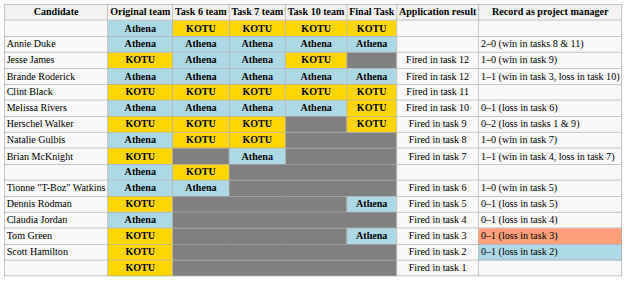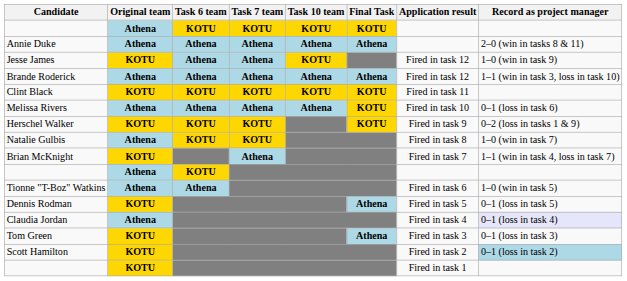 <table class="wikitable">
 <tr>
 <th bgcolor="gray"><span>Candidate</span></th>
 <th bgcolor="gray"><span>Original team</span></th>
 <th bgcolor="gray"><span>Task 6 team</span></th>
 <th bgcolor="gray"><span>Task 7 team</span></th>
 <th bgcolor="gray"><span>Task 10 team</span></th>
 <th bgcolor="gray"><span>Final Task </span></th>
 <th bgcolor="gray"><span>Application result</span></th>
 <th bgcolor="gray"><span>Record as project manager</span></th>
 </tr>
 <tr>
 <td></td>
 <td style="text-align:center; background:lightblue;"><strong>Athena</strong></td>
 <td style="text-align:center; background:gold;"><strong>KOTU</strong></td>
 <td style="text-align:center; background:gold;"><strong>KOTU</strong></td>
 <td style="text-align:center; background:gold;"><strong>KOTU</strong></td>
 <td style="text-align:center; background:gold;"><strong>KOTU</strong></td>
 <td align="center"></td>
 <td></td>
 </tr>
 <tr>
 <td>Annie Duke</td>
 <td style="text-align:center; background:lightblue;"><strong>Athena</strong></td>
 <td style="text-align:center; background:lightblue;"><strong>Athena</strong></td>
 <td style="text-align:center; background:lightblue;"><strong>Athena</strong></td>
 <td style="text-align:center; background:lightblue;"><strong>Athena</strong></td>
 <td style="text-align:center; background:lightblue;"><strong>Athena</strong></td>
 <td align="center"></td>
 <td>2–0 (win in tasks 8 & 11)</td>
 </tr>
 <tr>
 <td>Jesse James</td>
 <td style="text-align:center; background:gold;"><strong>KOTU</strong></td>
 <td style="text-align:center; background:lightblue;"><strong>Athena</strong></td>
 <td style="text-align:center; background:lightblue;"><strong>Athena</strong></td>
 <td style="text-align:center; background:gold;"><strong>KOTU</strong></td>
 <td colspan="1" style="background:gray;"></td>
 <td align="center">Fired in task 12</td>
 <td>1–0 (win in task 9)</td>
 </tr>
 <tr>
 <td>Brande Roderick</td>
 <td style="text-align:center; background:lightblue;"><strong>Athena</strong></td>
 <td style="text-align:center; background:lightblue;"><strong>Athena</strong></td>
 <td style="text-align:center; background:lightblue;"><strong>Athena</strong></td>
 <td style="text-align:center; background:lightblue;"><strong>Athena</strong></td>
 <td style="text-align:center; background:lightblue;"><strong>Athena</strong></td>
 <td align="center">Fired in task 12</td>
 <td>1–1 (win in task 3, loss in task 10)</td>
 </tr>
 <tr>
 <td>Clint Black</td>
 <td style="text-align:center; background:gold;"><strong>KOTU</strong></td>
 <td style="text-align:center; background:gold;"><strong>KOTU</strong></td>
 <td style="text-align:center; background:gold;"><strong>KOTU</strong></td>
 <td style="text-align:center; background:gold;"><strong>KOTU</strong></td>
 <td style="text-align:center; background:gold;"><strong>KOTU</strong></td>
 <td align="center">Fired in task 11</td>
 <td></td>
 </tr>
 <tr>
 <td>Melissa Rivers</td>
 <td style="text-align:center; background:lightblue;"><strong>Athena</strong></td>
 <td style="text-align:center; background:lightblue;"><strong>Athena</strong></td>
 <td style="text-align:center; background:lightblue;"><strong>Athena</strong></td>
 <td style="text-align:center; background:lightblue;"><strong>Athena</strong></td>
 <td style="text-align:center; background:gold;"><strong>KOTU</strong></td>
 <td align="center">Fired in task 10</td>
 <td>0–1 (loss in task 6)</td>
 </tr>
 <tr>
 <td>Herschel Walker</td>
 <td style="text-align:center; background:gold;"><strong>KOTU</strong></td>
 <td style="text-align:center; background:gold;"><strong>KOTU</strong></td>
 <td style="text-align:center; background:gold;"><strong>KOTU</strong></td>
 <td colspan="1" style="background:gray;"></td>
 <td style="text-align:center; background:gold;"><strong>KOTU</strong></td>
 <td align="center">Fired in task 9</td>
 <td>0–2 (loss in tasks 1 & 9)</td>
 </tr>
 <tr>
 <td>Natalie Gulbis</td>
 <td style="text-align:center; background:lightblue;"><strong>Athena</strong></td>
 <td style="text-align:center; background:gold;"><strong>KOTU</strong></td>
 <td style="text-align:center; background:gold;"><strong>KOTU</strong></td>
 <td colspan="2" style="background:gray;"></td>
 <td align="center">Fired in task 8</td>
 <td>1–0 (win in task 7)</td>
 </tr>
 <tr>
 <td>Brian McKnight</td>
 <td style="text-align:center; background:gold;"><strong>KOTU</strong></td>
 <td colspan="1" style="background:gray;"></td>
 <td style="text-align:center; background:lightblue;"><strong>Athena</strong></td>
 <td colspan="2" style="background:gray;"></td>
 <td align="center">Fired in task 7</td>
 <td>1–1 (win in task 4, loss in task 7)</td>
 </tr>
 <tr>
 <td></td>
 <td style="text-align:center; background:lightblue;"><strong>Athena</strong></td>
 <td style="text-align:center; background:gold;"><strong>KOTU</strong></td>
 <td colspan="3" style="background:gray;"></td>
 <td align="center"></td>
 <td></td>
 </tr>
 <tr>
 <td>Tionne "T-Boz" Watkins</td>
 <td style="text-align:center; background:lightblue;"><strong>Athena</strong></td>
 <td style="text-align:center; background:lightblue;"><strong>Athena</strong></td>
 <td colspan="3" style="background:gray;"></td>
 <td align="center">Fired in task 6</td>
 <td>1–0 (win in task 5)</td>
 </tr>
 <tr>
 <td>Dennis Rodman</td>
 <td style="text-align:center; background:gold;"><strong>KOTU</strong></td>
 <td colspan="3" style="background:gray;"></td>
 <td style="text-align:center; background:lightblue;"><strong>Athena</strong></td>
 <td align="center">Fired in task 5</td>
 <td>0–1 (loss in task 5)</td>
 </tr>
 <tr>
 <td>Claudia Jordan</td>
 <td style="text-align:center; background:lightblue;"><strong>Athena</strong></td>
 <td colspan="4" style="background:gray;"></td>
 <td align="center">Fired in task 4</td>
-<td>0–1 (loss in task 4)</td>
+<td style="background: lavender;">0–1 (loss in task 4)</td>
 </tr>
 <tr>
 <td>Tom Green</td>
 <td style="text-align:center; background:gold;"><strong>KOTU</strong></td>
 <td colspan="3" style="background:gray;"></td>
 <td style="text-align:center; background:lightblue;"><strong>Athena</strong></td>
 <td align="center">Fired in task 3</td>
-<td style="background: lightsalmon;">0–1 (loss in task 3)</td>
+<td>0–1 (loss in task 3)</td>
 </tr>
 <tr>
 <td>Scott Hamilton</td>
 <td style="text-align:center; background:gold;"><strong>KOTU</strong></td>
 <td colspan="4" style="background:gray;"></td>
 <td align="center">Fired in task 2</td>
 <td style="background: lightblue;">0–1 (loss in task 2)</td>
 </tr>
 <tr>
 <td></td>
 <td style="text-align:center; background:gold;"><strong>KOTU</strong></td>
 <td colspan="4" style="background:gray;"></td>
 <td align="center">Fired in task 1</td>
 <td></td>
 </tr>
 </table>
